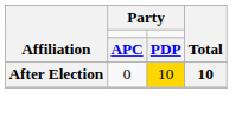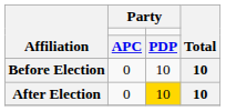 <table class=wikitable style="text-align:center">
 <tr style="vertical-align:bottom;">
 <th rowspan=3>Affiliation</th>
 <th colspan=2>Party</th>
 <th rowspan=3>Total</th>
 </tr>
 <tr>
 <td style="background-color:"></td>
 <td style="background-color:"></td>
 </tr>
 <tr>
 <th><a href='#'>APC</a></th>
 <th><a href='#'>PDP</a></th>
 </tr>
 <tr>
+<th>Before Election</th>
+<td>0</td>
+<td>10</td>
+<th>10</th>
+</tr>
+<tr>
 <th>After Election</th>
 <td>0</td>
 <td style="background: gold;">10</td>
 <th>10</th>
 </tr>
 <tr>
 </tr>
 </table>
